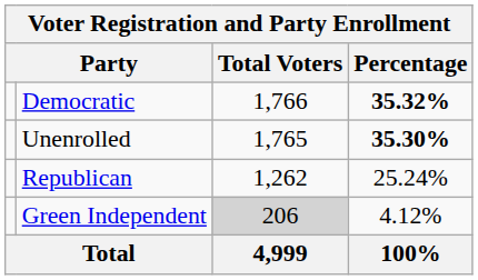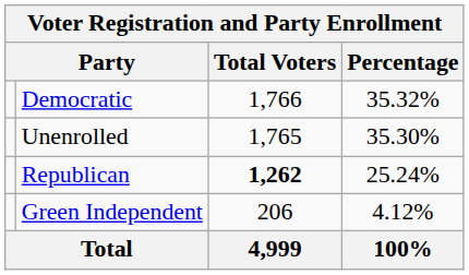 <table class=wikitable>
 <tr>
 <th colspan = 6>Voter Registration and Party Enrollment </th>
 </tr>
 <tr>
 <th colspan = 2>Party</th>
 <th>Total Voters</th>
 <th>Percentage</th>
 </tr>
 <tr>
 <td></td>
 <td><a href='#'>Democratic</a></td>
 <td align = center>1,766</td>
-<td align = center><strong>35.32%</strong></td>
+<td align = center>35.32%</td>
 </tr>
 <tr>
 <td></td>
 <td>Unenrolled</td>
 <td align = center>1,765</td>
-<td align = center><strong>35.30%</strong></td>
+<td align = center>35.30%</td>
 </tr>
 <tr>
 <td></td>
 <td><a href='#'>Republican</a></td>
-<td align = center>1,262</td>
+<td align = center><strong>1,262</strong></td>
 <td align = center>25.24%</td>
 </tr>
 <tr>
 <td></td>
 <td><a href='#'>Green Independent</a></td>
-<td align = center style="background: lightgrey;">206</td>
+<td align = center>206</td>
 <td align = center>4.12%</td>
 </tr>
 <tr>
 <th colspan = 2>Total</th>
 <th align = center>4,999</th>
 <th align = center>100%</th>
 </tr>
 </table>
